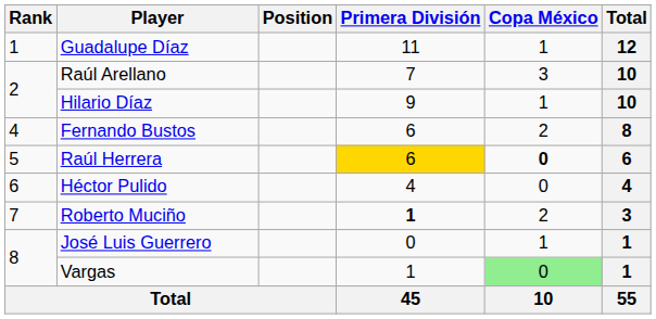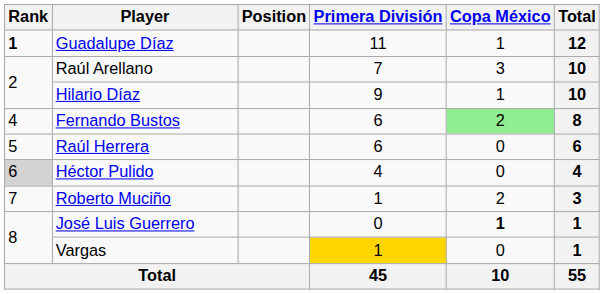 <table class="wikitable">
 <tr>
 <th>Rank</th>
 <th style="width:175px;">Player</th>
 <th>Position</th>
 <th><a href='#'>Primera División</a></th>
 <th><a href='#'>Copa México</a></th>
 <th>Total</th>
 </tr>
 <tr>
-<td>1</td>
+<td><strong>1</strong></td>
 <td> <a href='#'>Guadalupe Díaz</a></td>
 <td align=center></td>
 <td align=center>11</td>
 <td align=center>1</td>
 <th>12</th>
 </tr>
 <tr>
 <td rowspan=2>2</td>
 <td> Raúl Arellano</td>
 <td align=center></td>
 <td align=center>7</td>
 <td align=center>3</td>
 <th>10</th>
 </tr>
 <tr>
 <td> <a href='#'>Hilario Díaz</a></td>
 <td align=center></td>
 <td align=center>9</td>
 <td align=center>1</td>
 <th>10</th>
 </tr>
 <tr>
 <td>4</td>
 <td> <a href='#'>Fernando Bustos</a></td>
 <td align=center></td>
 <td align=center>6</td>
-<td align=center>2</td>
+<td align=center style="background: lightgreen;">2</td>
 <th>8</th>
 </tr>
 <tr>
 <td>5</td>
 <td> <a href='#'>Raúl Herrera</a></td>
 <td align=center></td>
-<td align=center style="background: gold;">6</td>
-<td align=center><strong>0</strong></td>
+<td align=center>6</td>
+<td align=center>0</td>
 <th>6</th>
 </tr>
 <tr>
-<td>6</td>
+<td style="background: lightgrey;">6</td>
 <td> <a href='#'>Héctor Pulido</a></td>
 <td align=center></td>
 <td align=center>4</td>
 <td align=center>0</td>
 <th>4</th>
 </tr>
 <tr>
 <td>7</td>
 <td> <a href='#'>Roberto Muciño</a></td>
 <td align=center></td>
-<td align=center><strong>1</strong></td>
+<td align=center>1</td>
 <td align=center>2</td>
 <th>3</th>
 </tr>
 <tr>
 <td rowspan=2>8</td>
 <td> <a href='#'>José Luis Guerrero</a></td>
 <td align=center></td>
 <td align=center>0</td>
-<td align=center>1</td>
+<td align=center><strong>1</strong></td>
 <th>1</th>
 </tr>
 <tr>
 <td> Vargas</td>
 <td align=center></td>
-<td align=center>1</td>
-<td align=center style="background: lightgreen;">0</td>
+<td align=center style="background: gold;">1</td>
+<td align=center>0</td>
 <th>1</th>
 </tr>
 <tr>
 <th colspan=3>Total</th>
 <th>45</th>
 <th>10</th>
 <th>55</th>
 </tr>
 </table>
